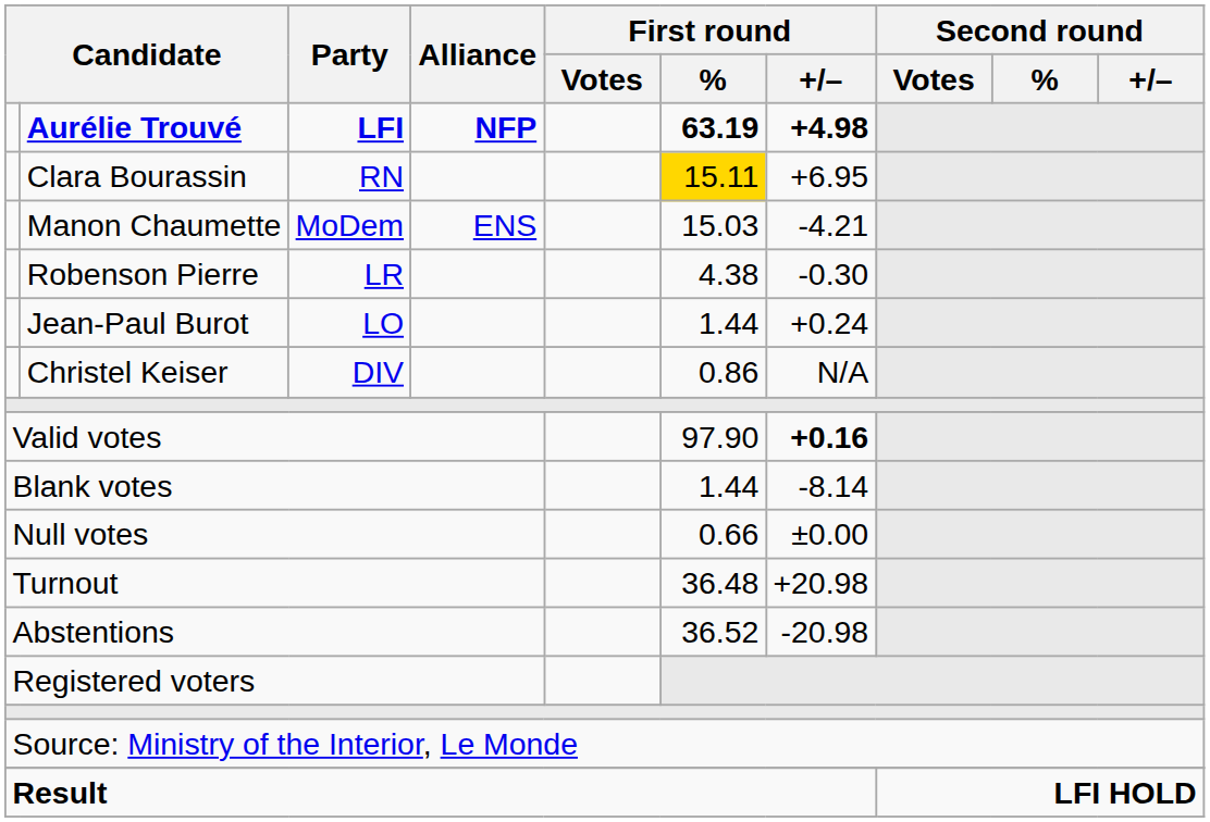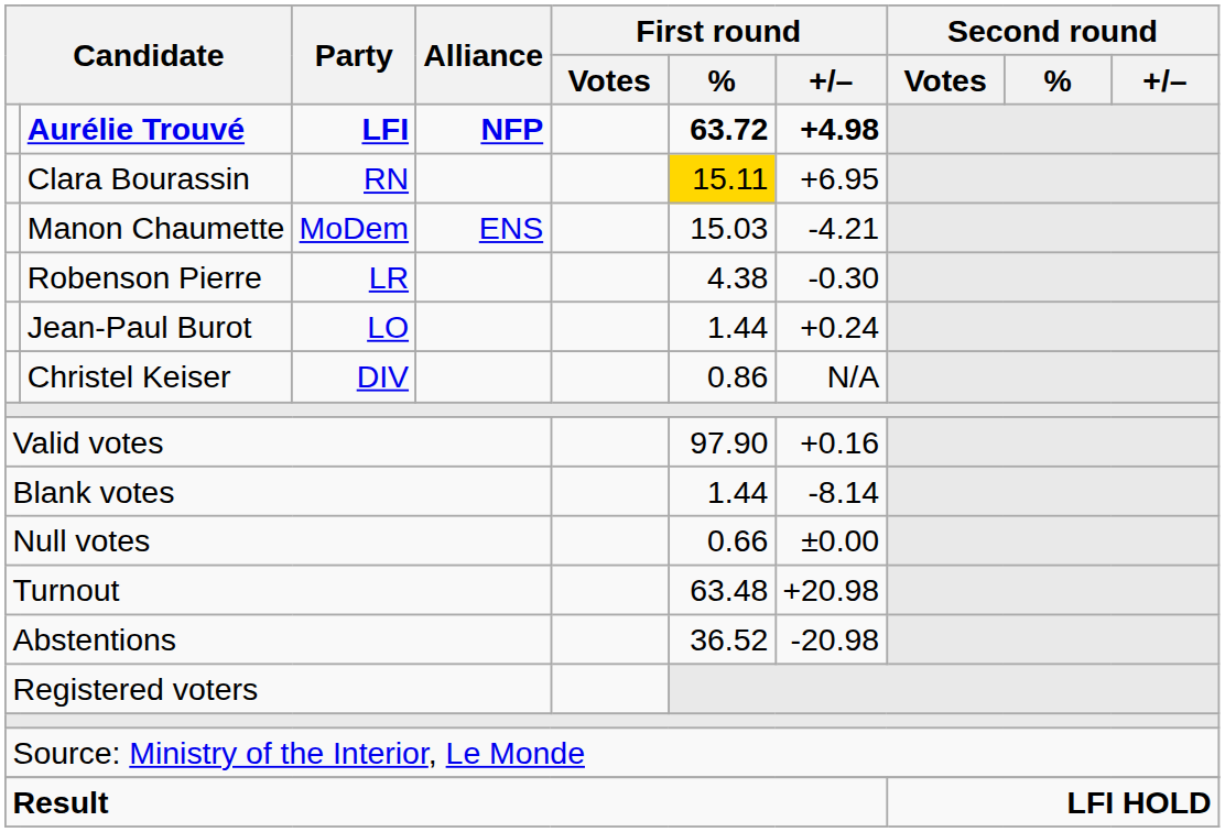 <table class="wikitable" style="text-align:right;font-size:95%;">
 <tr>
 <th rowspan="2" colspan="2">Candidate</th>
 <th rowspan="2">Party</th>
 <th rowspan="2">Alliance</th>
 <th colspan="3">First round</th>
 <th colspan="3">Second round</th>
 </tr>
 <tr>
 <th style="width:50px;">Votes</th>
 <th style="width:45px;">%</th>
 <th style="width:45px;">+/–</th>
 <th style="width:50px;">Votes</th>
 <th style="width:45px;">%</th>
 <th style="width:45px;">+/–</th>
 </tr>
 <tr>
 <td style="color:inherit;background:"></td>
 <td style="text-align:left;"><strong><a href='#'>Aurélie Trouvé</a></strong></td>
 <td><a href='#'><strong>LFI</strong></a></td>
 <td><a href='#'><strong>NFP</strong></a></td>
 <td><strong></strong></td>
-<td><strong>63.19</strong></td>
+<td><strong>63.72</strong></td>
 <td><strong>+4.98</strong></td>
 <td colspan="3" style="background:#E9E9E9;"></td>
 </tr>
 <tr>
 <td style="color:inherit;background:"></td>
 <td style="text-align:left;">Clara Bourassin</td>
 <td><a href='#'>RN</a></td>
 <td></td>
 <td></td>
 <td style="background: gold;">15.11</td>
 <td>+6.95</td>
 <td colspan="3" style="background:#E9E9E9;"></td>
 </tr>
 <tr>
 <td style="color:inherit;background:"></td>
 <td style="text-align:left;">Manon Chaumette</td>
 <td><a href='#'>MoDem</a></td>
 <td><a href='#'>ENS</a></td>
 <td></td>
 <td>15.03</td>
 <td>-4.21</td>
 <td colspan="3" style="background:#E9E9E9;"></td>
 </tr>
 <tr>
 <td style="color:inherit;background:"></td>
 <td style="text-align:left;">Robenson Pierre</td>
 <td><a href='#'>LR</a></td>
 <td></td>
 <td></td>
 <td>4.38</td>
 <td>-0.30</td>
 <td colspan="3" style="background:#E9E9E9;"></td>
 </tr>
 <tr>
 <td style="color:inherit;background:"></td>
 <td style="text-align:left;">Jean-Paul Burot</td>
 <td><a href='#'>LO</a></td>
 <td></td>
 <td></td>
 <td>1.44</td>
 <td>+0.24</td>
 <td colspan="3" style="background:#E9E9E9;"></td>
 </tr>
 <tr>
 <td style="color:inherit;background:"></td>
 <td style="text-align:left;">Christel Keiser</td>
 <td><a href='#'>DIV</a></td>
 <td></td>
 <td></td>
 <td>0.86</td>
 <td>N/A</td>
 <td colspan="3" style="background:#E9E9E9;"></td>
 </tr>
 <tr>
 <td colspan="10" style="background:#E9E9E9;"></td>
 </tr>
 <tr>
 <td colspan="4" style="text-align:left;">Valid votes</td>
 <td></td>
 <td>97.90</td>
-<td><strong>+0.16</strong></td>
+<td>+0.16</td>
 <td colspan="3" style="background:#E9E9E9;"></td>
 </tr>
 <tr>
 <td colspan="4" style="text-align:left;">Blank votes</td>
 <td></td>
 <td>1.44</td>
 <td>-8.14</td>
 <td colspan="3" style="background:#E9E9E9;"></td>
 </tr>
 <tr>
 <td colspan="4" style="text-align:left;">Null votes</td>
 <td></td>
 <td>0.66</td>
 <td>±0.00</td>
 <td colspan="3" style="background:#E9E9E9;"></td>
 </tr>
 <tr>
 <td colspan="4" style="text-align:left;">Turnout</td>
 <td></td>
-<td>36.48</td>
+<td>63.48</td>
 <td>+20.98</td>
 <td colspan="3" style="background:#E9E9E9;"></td>
 </tr>
 <tr>
 <td colspan="4" style="text-align:left;">Abstentions</td>
 <td></td>
 <td>36.52</td>
 <td>-20.98</td>
 <td colspan="3" style="background:#E9E9E9;"></td>
 </tr>
 <tr>
 <td colspan="4" style="text-align:left;">Registered voters</td>
 <td></td>
 <td colspan="5" style="background:#E9E9E9;"></td>
 </tr>
 <tr>
 <td colspan="10" style="background:#E9E9E9;"></td>
 </tr>
 <tr>
 <td colspan="10" style="text-align:left;">Source: <a href='#'>Ministry of the Interior</a>, <a href='#'>Le Monde</a></td>
 </tr>
 <tr>
 </tr>
 <tr style="font-weight:bold">
 <td colspan="7" style="text-align:left;">Result</td>
 <td colspan="7" style="background-color:">LFI HOLD</td>
 </tr>
 </table>
